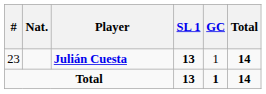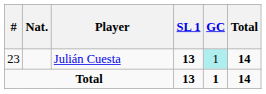 <table class="wikitable sortable alternance" ; style="text-align:center; ">
 <tr>
 <th height=50>#</th>
 <th width=10>Nat.</th>
 <th width=150>Player</th>
 <th height=50><a href='#'>SL 1</a></th>
 <th height=50><a href='#'>GC</a></th>
 <th height=50><strong>Total</strong></th>
 </tr>
 <tr>
 <td>23</td>
 <td></td>
-<td align="left"><strong><a href='#'>Julián Cuesta</a></strong></td>
+<td align="left"><a href='#'>Julián Cuesta</a></td>
 <td><strong>13</strong></td>
-<td>1</td>
+<td style="background: paleturquoise;">1</td>
 <td><strong>14</strong></td>
 </tr>
 <tr>
 <td colspan="3"><strong>Total</strong></td>
 <td><strong>13</strong></td>
 <td><strong>1</strong></td>
 <td><strong>14</strong></td>
 </tr>
 </table>
